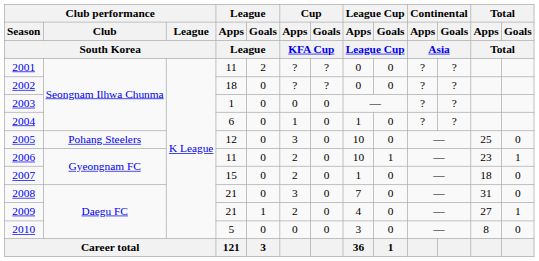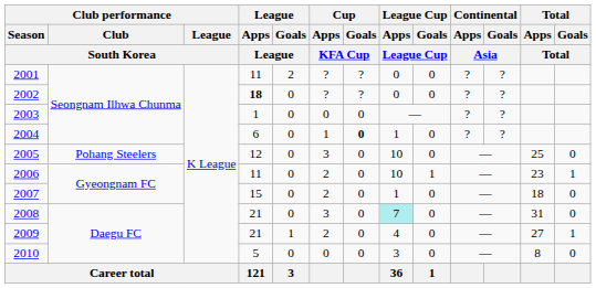 <table class="wikitable" style="text-align:center">
 <tr>
 <th colspan=3>Club performance</th>
 <th colspan=2>League</th>
 <th colspan=2>Cup</th>
 <th colspan=2>League Cup</th>
 <th colspan=2>Continental</th>
 <th colspan=2>Total</th>
 </tr>
 <tr>
 <th>Season</th>
 <th>Club</th>
 <th>League</th>
 <th>Apps</th>
 <th>Goals</th>
 <th>Apps</th>
 <th>Goals</th>
 <th>Apps</th>
 <th>Goals</th>
 <th>Apps</th>
 <th>Goals</th>
 <th>Apps</th>
 <th>Goals</th>
 </tr>
 <tr>
 <th colspan=3>South Korea</th>
 <th colspan=2>League</th>
 <th colspan=2><a href='#'>KFA Cup</a></th>
 <th colspan=2><a href='#'>League Cup</a></th>
 <th colspan=2><a href='#'>Asia</a></th>
 <th colspan=2>Total</th>
 </tr>
 <tr>
 <td><a href='#'>2001</a></td>
 <td rowspan="4"><a href='#'>Seongnam Ilhwa Chunma</a></td>
 <td rowspan="10"><a href='#'>K League</a></td>
 <td>11</td>
 <td>2</td>
 <td>?</td>
 <td>?</td>
 <td>0</td>
 <td>0</td>
 <td>?</td>
 <td>?</td>
 <td></td>
 <td></td>
 </tr>
 <tr>
 <td><a href='#'>2002</a></td>
-<td>18</td>
+<td><strong>18</strong></td>
 <td>0</td>
 <td>?</td>
 <td>?</td>
 <td>0</td>
 <td>0</td>
 <td>?</td>
 <td>?</td>
 <td></td>
 <td></td>
 </tr>
 <tr>
 <td><a href='#'>2003</a></td>
 <td>1</td>
 <td>0</td>
 <td>0</td>
 <td>0</td>
 <td colspan="2">—</td>
 <td>?</td>
 <td>?</td>
 <td></td>
 <td></td>
 </tr>
 <tr>
 <td><a href='#'>2004</a></td>
 <td>6</td>
 <td>0</td>
 <td>1</td>
-<td>0</td>
+<td><strong>0</strong></td>
 <td>1</td>
 <td>0</td>
 <td>?</td>
 <td>?</td>
 <td></td>
 <td></td>
 </tr>
 <tr>
 <td><a href='#'>2005</a></td>
 <td><a href='#'>Pohang Steelers</a></td>
 <td>12</td>
 <td>0</td>
 <td>3</td>
 <td>0</td>
 <td>10</td>
 <td>0</td>
 <td colspan="2">—</td>
 <td>25</td>
 <td>0</td>
 </tr>
 <tr>
 <td><a href='#'>2006</a></td>
 <td rowspan="2"><a href='#'>Gyeongnam FC</a></td>
 <td>11</td>
 <td>0</td>
 <td>2</td>
 <td>0</td>
 <td>10</td>
 <td>1</td>
 <td colspan="2">—</td>
 <td>23</td>
 <td>1</td>
 </tr>
 <tr>
 <td><a href='#'>2007</a></td>
 <td>15</td>
 <td>0</td>
 <td>2</td>
 <td>0</td>
 <td>1</td>
 <td>0</td>
 <td colspan="2">—</td>
 <td>18</td>
 <td>0</td>
 </tr>
 <tr>
 <td><a href='#'>2008</a></td>
 <td rowspan="3"><a href='#'>Daegu FC</a></td>
 <td>21</td>
 <td>0</td>
 <td>3</td>
 <td>0</td>
-<td>7</td>
+<td style="background: paleturquoise;">7</td>
 <td>0</td>
 <td colspan="2">—</td>
 <td>31</td>
 <td>0</td>
 </tr>
 <tr>
 <td><a href='#'>2009</a></td>
 <td>21</td>
 <td>1</td>
 <td>2</td>
 <td>0</td>
 <td>4</td>
 <td>0</td>
 <td colspan="2">—</td>
 <td>27</td>
 <td>1</td>
 </tr>
 <tr>
 <td><a href='#'>2010</a></td>
 <td>5</td>
 <td>0</td>
 <td>0</td>
 <td>0</td>
 <td>3</td>
 <td>0</td>
 <td colspan="2">—</td>
 <td>8</td>
 <td>0</td>
 </tr>
 <tr>
 <th colspan=3>Career total</th>
 <th>121</th>
 <th>3</th>
 <th></th>
 <th></th>
 <th>36</th>
 <th>1</th>
 <th></th>
 <th></th>
 <th></th>
 <th></th>
 </tr>
 </table>
